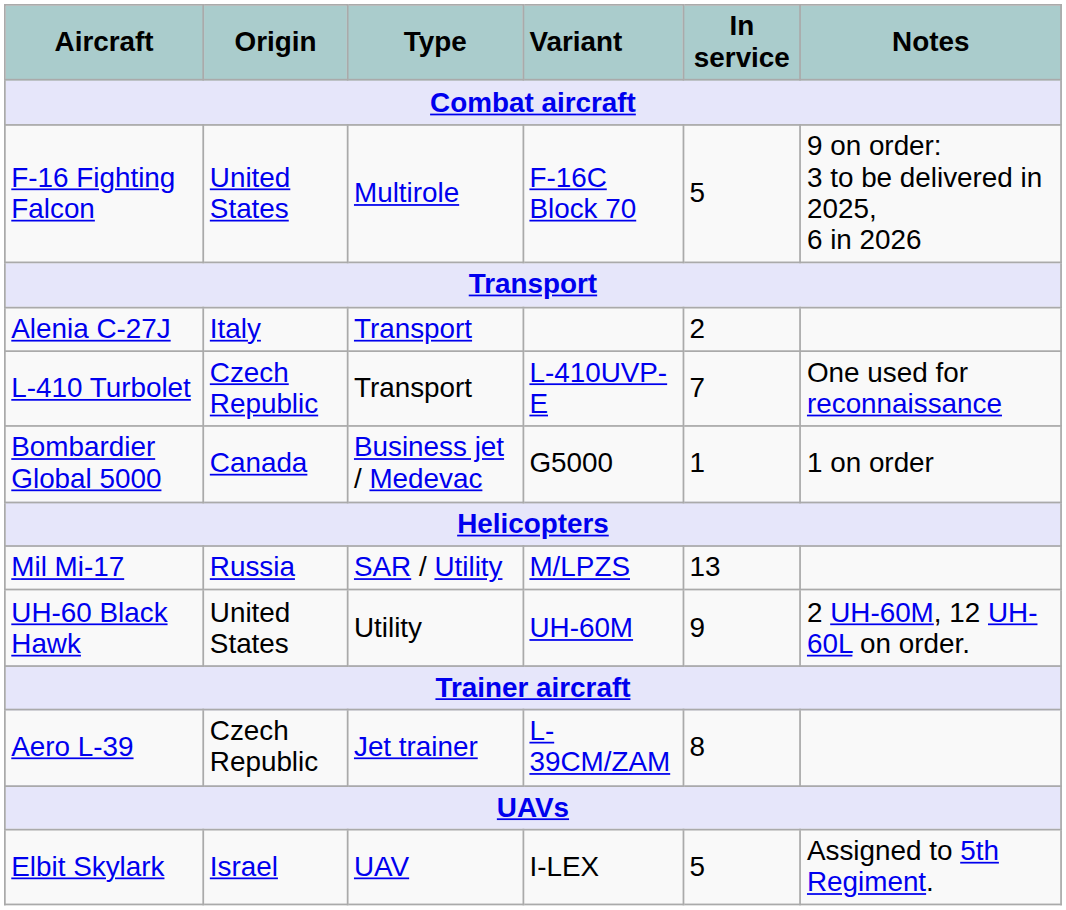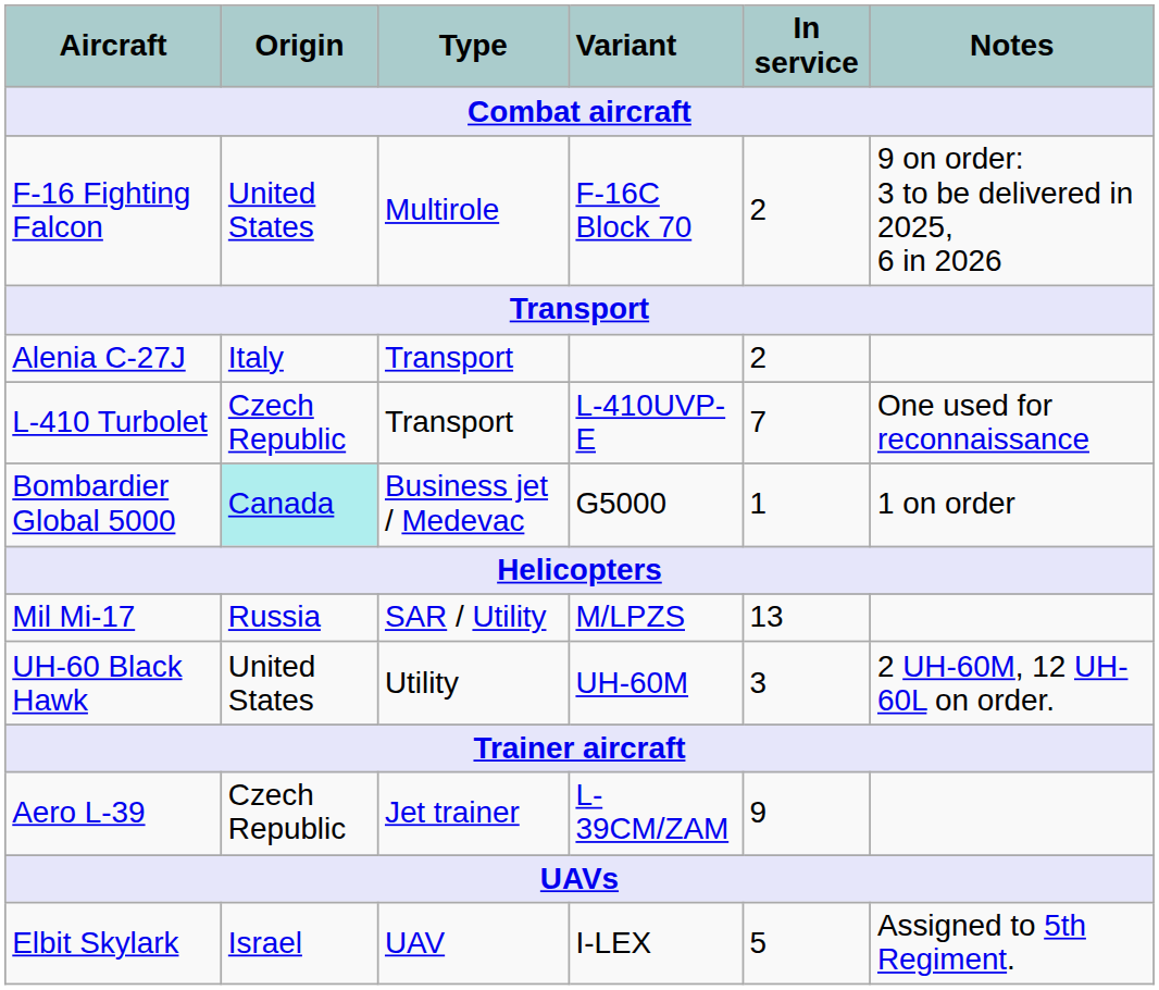 <table class="wikitable">
 <tr>
 <th style="text-align:center; background:#acc;">Aircraft</th>
 <th style="text-align: center; background:#acc;">Origin</th>
 <th style="text-align:l center; background:#acc;">Type</th>
 <th style="text-align:left; background:#acc;">Variant</th>
 <th style="text-align:center; background:#acc;">In service</th>
 <th style="text-align: center; background:#acc;">Notes</th>
 </tr>
 <tr>
 <th colspan="6" style="align: center; background: lavender;"><a href='#'>Combat aircraft</a></th>
 </tr>
 <tr>
 <td><a href='#'>F-16 Fighting Falcon</a></td>
 <td><a href='#'>United States</a></td>
 <td><a href='#'>Multirole</a></td>
 <td><a href='#'>F-16C<br>Block 70</a></td>
-<td>5</td>
+<td>2</td>
 <td>9 on order:<br>3 to be delivered in 2025,<br>6 in 2026</td>
 </tr>
 <tr>
 <th colspan="6" style="align: center; background: lavender;"><a href='#'>Transport</a></th>
 </tr>
 <tr>
 <td><a href='#'>Alenia C-27J</a></td>
 <td><a href='#'>Italy</a></td>
 <td><a href='#'>Transport</a></td>
 <td></td>
 <td>2</td>
 <td></td>
 </tr>
 <tr>
 <td><a href='#'>L-410 Turbolet</a></td>
 <td><a href='#'>Czech Republic</a></td>
 <td>Transport</td>
 <td><a href='#'>L-410UVP-E</a></td>
 <td>7</td>
 <td>One used for <a href='#'>reconnaissance</a></td>
 </tr>
 <tr>
 <td><a href='#'>Bombardier Global 5000</a></td>
-<td><a href='#'>Canada</a></td>
+<td style="background: paleturquoise;"><a href='#'>Canada</a></td>
 <td><a href='#'>Business jet</a> / <a href='#'>Medevac</a></td>
 <td>G5000</td>
 <td>1</td>
 <td>1 on order</td>
 </tr>
 <tr>
 <th colspan="6" style="align: center; background: lavender;"><a href='#'>Helicopters</a></th>
 </tr>
 <tr>
 <td><a href='#'>Mil Mi-17</a></td>
 <td><a href='#'>Russia</a></td>
 <td><a href='#'>SAR</a> / <a href='#'>Utility</a></td>
 <td><a href='#'>M/LPZS</a></td>
 <td>13</td>
 <td></td>
 </tr>
 <tr>
 <td><a href='#'>UH-60 Black Hawk</a></td>
 <td>United States</td>
 <td>Utility</td>
 <td><a href='#'>UH-60M</a></td>
-<td>9</td>
+<td>3</td>
 <td>2 <a href='#'>UH-60M</a>, 12 <a href='#'>UH-60L</a> on order.</td>
 </tr>
 <tr>
 <th colspan="6" style="align: center; background: lavender;"><a href='#'>Trainer aircraft</a></th>
 </tr>
 <tr>
 <td><a href='#'>Aero L-39</a></td>
 <td>Czech Republic</td>
 <td><a href='#'>Jet trainer</a></td>
 <td><a href='#'>L-39CM/ZAM</a></td>
-<td>8</td>
+<td>9</td>
 <td></td>
 </tr>
 <tr>
 <th colspan="6" style="align: center; background: lavender;"><a href='#'>UAVs</a></th>
 </tr>
 <tr>
 <td><a href='#'>Elbit Skylark</a></td>
 <td><a href='#'>Israel</a></td>
 <td><a href='#'>UAV</a></td>
 <td>I-LEX</td>
 <td>5</td>
 <td>Assigned to <a href='#'>5th Regiment</a>.</td>
 </tr>
 </table>
